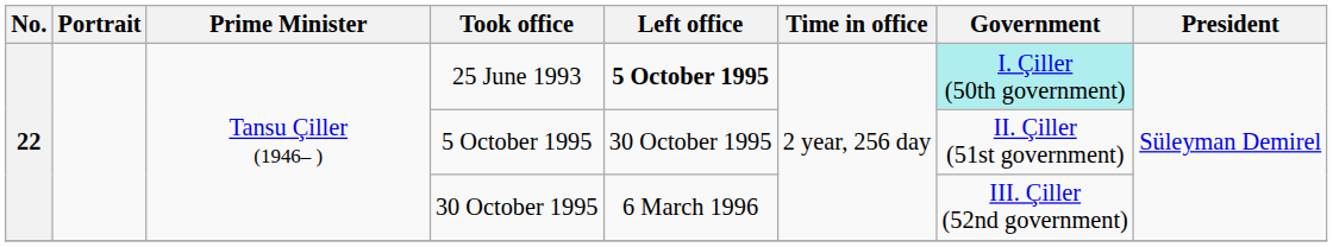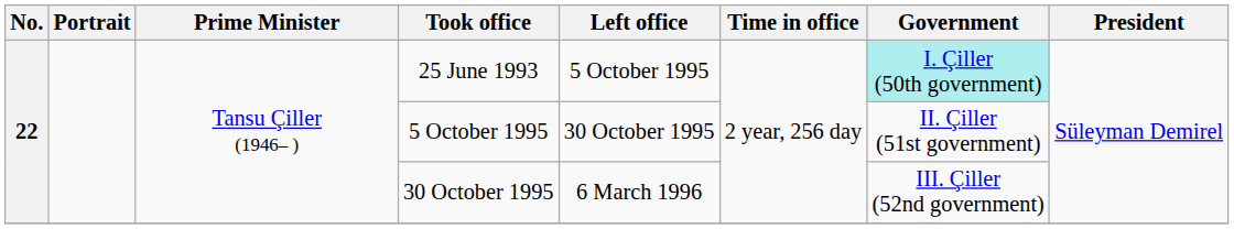 <table class="wikitable" style="text-align:center;">
 <tr ->
 <th width=15>No.</th>
 <th>Portrait</th>
 <th width="180">Prime Minister</th>
 <th>Took office</th>
 <th>Left office</th>
 <th>Time in office</th>
 <th>Government</th>
 <th>President</th>
 </tr>
 <tr ->
 <th rowspan="3">22</th>
 <td rowspan="3"></td>
 <td rowspan="3"><a href='#'>Tansu Çiller</a><br><small>(1946– )</small></td>
 <td>25 June 1993</td>
-<td><strong>5 October 1995</strong></td>
+<td>5 October 1995</td>
 <td rowspan="3">2 year, 256 day</td>
 <td style="background: paleturquoise;"><a href='#'>I. Çiller</a> <br>(50th government)</td>
 <td rowspan="3"><a href='#'>Süleyman Demirel</a></td>
 </tr>
 <tr ->
 <td>5 October 1995</td>
 <td>30 October 1995</td>
 <td><a href='#'>II. Çiller</a> <br>(51st government)</td>
 </tr>
 <tr ->
 <td>30 October 1995</td>
 <td>6 March 1996</td>
 <td><a href='#'>III. Çiller</a> <br>(52nd government)</td>
 </tr>
 <tr ->
 </tr>
 </table>
